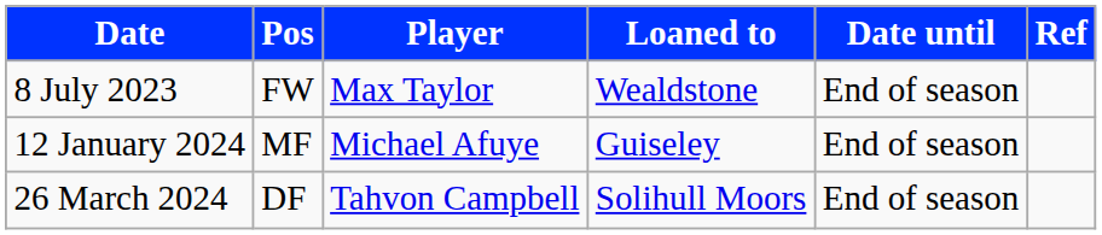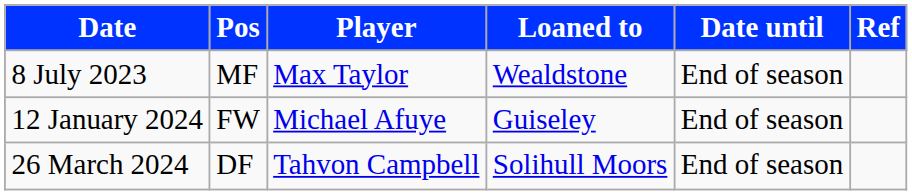 <table class="wikitable plainrowheaders sortable">
 <tr>
 <th style="background:#03f;color:#fff;">Date</th>
 <th style="background:#03f;color:#fff;">Pos</th>
 <th style="background:#03f;color:#fff;">Player</th>
 <th style="background:#03f;color:#fff;">Loaned to</th>
 <th style="background:#03f;color:#fff;">Date until</th>
 <th style="background:#03f;color:#fff;">Ref</th>
 </tr>
 <tr>
 <td>8 July 2023</td>
-<td>FW</td>
+<td>MF</td>
 <td> <a href='#'>Max Taylor</a></td>
 <td> <a href='#'>Wealdstone</a></td>
 <td>End of season</td>
 <td></td>
 </tr>
 <tr>
 <td>12 January 2024</td>
-<td>MF</td>
+<td>FW</td>
 <td> <a href='#'>Michael Afuye</a></td>
 <td> <a href='#'>Guiseley</a></td>
 <td>End of season</td>
 <td></td>
 </tr>
 <tr>
 <td>26 March 2024</td>
 <td>DF</td>
 <td> <a href='#'>Tahvon Campbell</a></td>
 <td> <a href='#'>Solihull Moors</a></td>
 <td>End of season</td>
 <td></td>
 </tr>
 </table>
